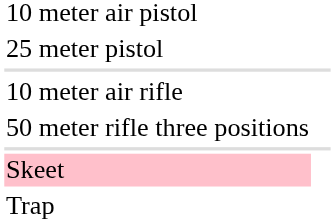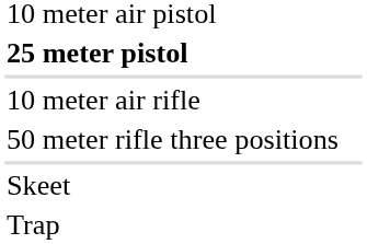 <table>
 <tr>
 <td>10 meter air pistol <br></td>
 <td> </td>
 <td></td>
 <td></td>
 </tr>
 <tr>
-<td>25 meter pistol <br></td>
+<td><strong>25 meter pistol <br></strong></td>
 <td></td>
 <td></td>
 <td></td>
 </tr>
 <tr bgcolor=#DDDDDD>
 <td colspan=7></td>
 </tr>
 <tr>
 <td>10 meter air rifle <br></td>
 <td> </td>
 <td></td>
 <td></td>
 </tr>
 <tr>
 <td>50 meter rifle three positions <br></td>
 <td></td>
 <td></td>
 <td></td>
 </tr>
 <tr bgcolor=#DDDDDD>
 <td colspan=7></td>
 </tr>
 <tr>
-<td style="background: pink;">Skeet <br></td>
+<td>Skeet <br></td>
 <td></td>
 <td></td>
 <td></td>
 </tr>
 <tr>
 <td>Trap <br></td>
 <td></td>
 <td></td>
 <td></td>
 </tr>
 <tr>
 </tr>
 </table>
